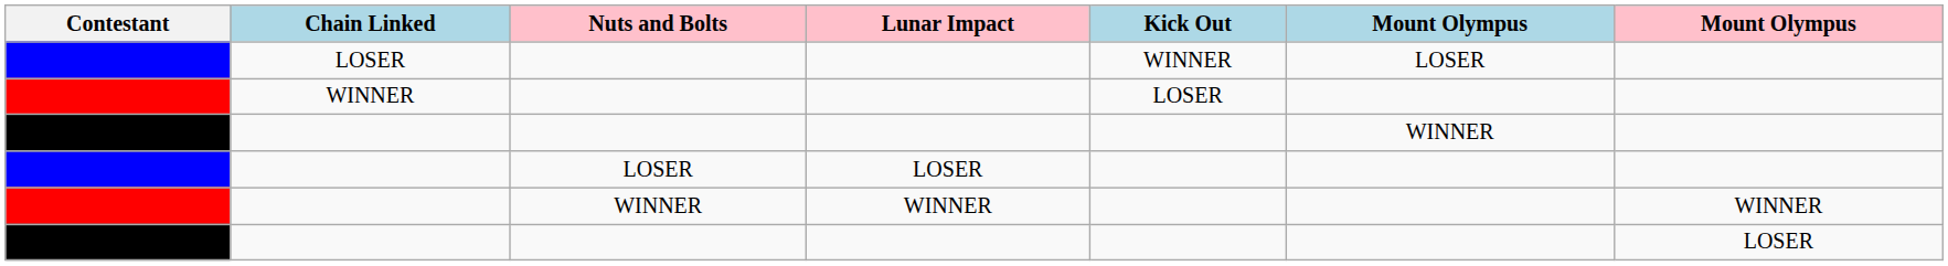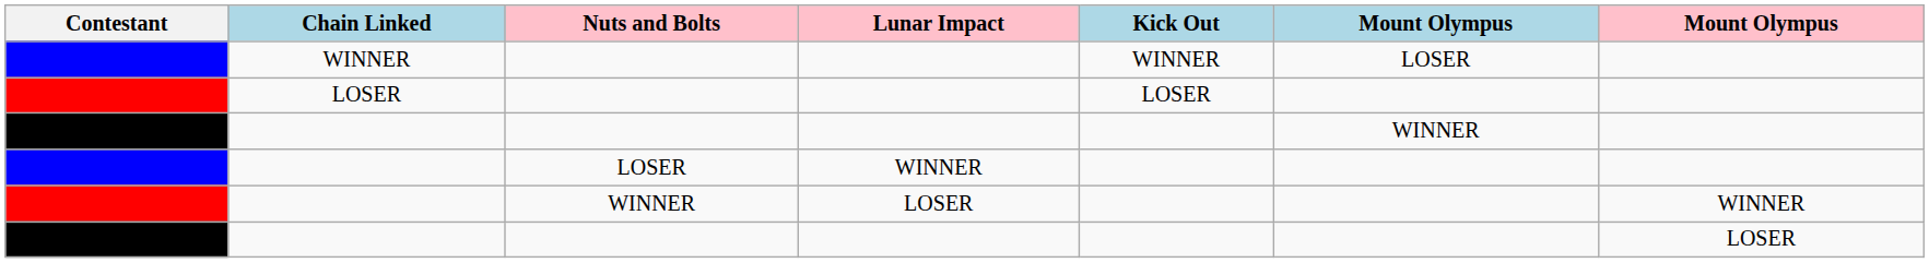 <table class="wikitable" style="text-align:center; font-size:90%; width:100%">
 <tr>
 <th>Contestant</th>
 <th style="background:lightblue;">Chain Linked</th>
 <th style="background:pink;">Nuts and Bolts</th>
 <th style="background:pink;">Lunar Impact</th>
 <th style="background:lightblue;">Kick Out</th>
 <th style="background:lightblue;">Mount Olympus</th>
 <th style="background:pink;">Mount Olympus</th>
 </tr>
 <tr>
 <td style="background:blue;"></td>
-<td>LOSER</td>
+<td>WINNER</td>
 <td></td>
 <td></td>
 <td>WINNER</td>
 <td>LOSER</td>
 <td></td>
 </tr>
 <tr>
 <td style="background:red;"></td>
-<td>WINNER</td>
+<td>LOSER</td>
 <td></td>
 <td></td>
 <td>LOSER</td>
 <td></td>
 <td></td>
 </tr>
 <tr>
 <td style="background:black;"></td>
 <td></td>
 <td></td>
 <td></td>
 <td></td>
 <td>WINNER</td>
 <td></td>
 </tr>
 <tr>
 <td style="background:blue;"></td>
 <td></td>
 <td>LOSER</td>
-<td>LOSER</td>
+<td>WINNER</td>
 <td></td>
 <td></td>
 <td></td>
 </tr>
 <tr>
 <td style="background:red;"></td>
 <td></td>
 <td>WINNER</td>
-<td>WINNER</td>
+<td>LOSER</td>
 <td></td>
 <td></td>
 <td>WINNER</td>
 </tr>
 <tr>
 <td style="background:black;"></td>
 <td></td>
 <td></td>
 <td></td>
 <td></td>
 <td></td>
 <td>LOSER</td>
 </tr>
 </table>
